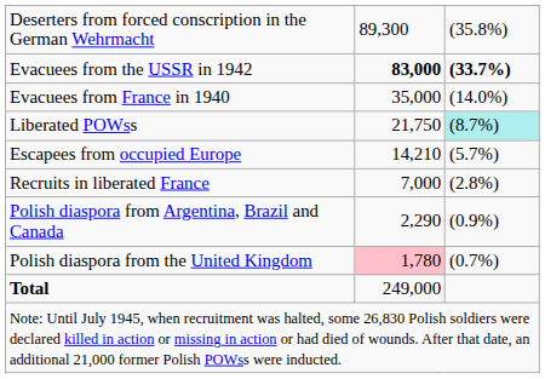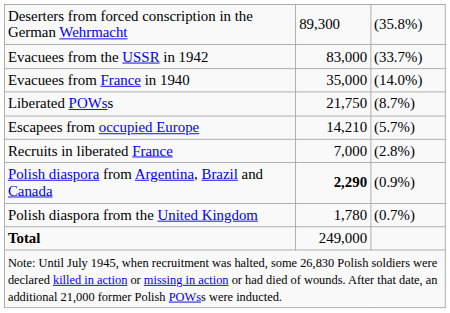 <table class="wikitable floatright" style="width: 30%">
 <tr>
 </tr>
 <tr>
 <td>Deserters from forced conscription in the German <a href='#'>Wehrmacht</a></td>
 <td>89,300</td>
 <td>(35.8%)</td>
 </tr>
 <tr>
 <td>Evacuees from the <a href='#'>USSR</a> in 1942</td>
-<td align="right"><strong>83,000</strong></td>
-<td><strong>(33.7%)</strong></td>
+<td align="right">83,000</td>
+<td>(33.7%)</td>
 </tr>
 <tr>
 <td>Evacuees from <a href='#'>France</a> in 1940</td>
 <td align="right">35,000</td>
 <td>(14.0%)</td>
 </tr>
 <tr>
 <td>Liberated <a href='#'>POWs</a>s</td>
 <td align="right">21,750</td>
-<td style="background: paleturquoise;">(8.7%)</td>
+<td>(8.7%)</td>
 </tr>
 <tr>
 <td>Escapees from <a href='#'>occupied Europe</a></td>
 <td align="right">14,210</td>
 <td>(5.7%)</td>
 </tr>
 <tr>
 <td>Recruits in liberated <a href='#'>France</a></td>
 <td align="right">7,000</td>
 <td>(2.8%)</td>
 </tr>
 <tr>
 <td><a href='#'>Polish diaspora</a> from <a href='#'>Argentina</a>, <a href='#'>Brazil</a> and <a href='#'>Canada</a></td>
-<td align="right">2,290</td>
+<td align="right"><strong>2,290</strong></td>
 <td>(0.9%)</td>
 </tr>
 <tr>
 <td>Polish diaspora from the <a href='#'>United Kingdom</a></td>
-<td align="right" style="background: pink;">1,780</td>
+<td align="right">1,780</td>
 <td>(0.7%)</td>
 </tr>
 <tr>
 <td><strong>Total</strong></td>
 <td align="right">249,000</td>
 </tr>
 <tr>
 <td colspan="3" align="left"><small> Note: Until July 1945, when recruitment was halted, some 26,830 Polish soldiers were declared <a href='#'>killed in action</a> or <a href='#'>missing in action</a> or had died of wounds. After that date, an additional 21,000 former Polish <a href='#'>POWs</a>s were inducted.</small></td>
 </tr>
 </table>
